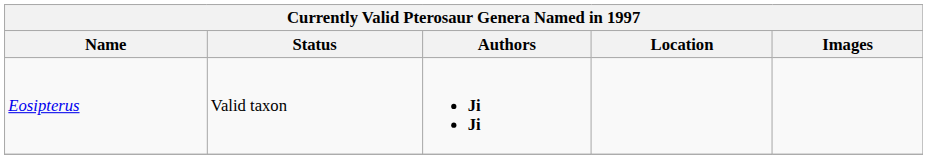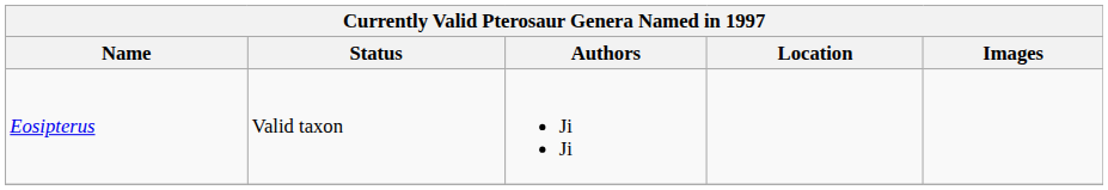 <table class="wikitable" align="center" width="100%">
 <tr>
 <th colspan="5" align="center"><strong>Currently Valid Pterosaur Genera Named in 1997</strong></th>
 </tr>
 <tr>
 <th>Name</th>
 <th>Status</th>
 <th>Authors</th>
 <th>Location</th>
 <th>Images</th>
 </tr>
 <tr>
 <td><em><a href='#'>Eosipterus</a></em></td>
 <td>Valid taxon</td>
-<td><strong><br><ul><li>Ji</li><li>Ji</li></ul></strong></td>
+<td><br><ul><li>Ji</li><li>Ji</li></ul></td>
 <td></td>
 <td rowspan="1"></td>
 </tr>
 <tr>
 </tr>
 </table>
